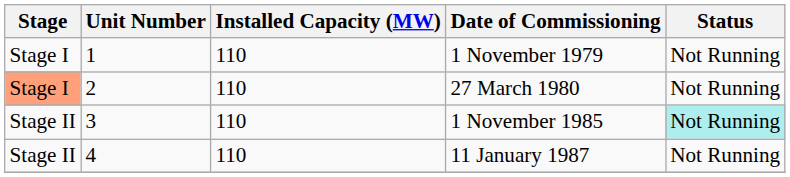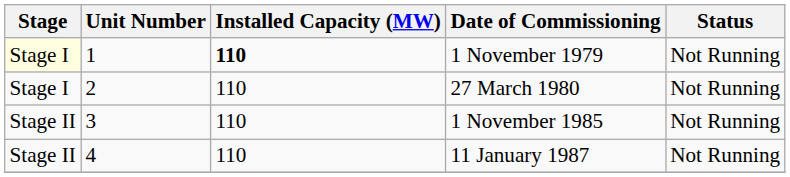 <table class="sortable wikitable">
 <tr>
 <th>Stage</th>
 <th>Unit Number</th>
 <th>Installed Capacity (<a href='#'>MW</a>)</th>
 <th>Date of Commissioning</th>
 <th>Status</th>
 </tr>
 <tr>
-<td>Stage I</td>
+<td style="background: lightyellow;">Stage I</td>
 <td>1</td>
-<td>110</td>
+<td><strong>110</strong></td>
 <td>1 November 1979</td>
 <td>Not Running</td>
 </tr>
 <tr>
-<td style="background: lightsalmon;">Stage I</td>
+<td>Stage I</td>
 <td>2</td>
 <td>110</td>
 <td>27 March 1980</td>
 <td>Not Running</td>
 </tr>
 <tr>
 <td>Stage II</td>
 <td>3</td>
 <td>110</td>
 <td>1 November 1985</td>
-<td style="background: paleturquoise;">Not Running</td>
+<td>Not Running</td>
 </tr>
 <tr>
 <td>Stage II</td>
 <td>4</td>
 <td>110</td>
 <td>11 January 1987</td>
 <td>Not Running</td>
 </tr>
 <tr>
 </tr>
 </table>
